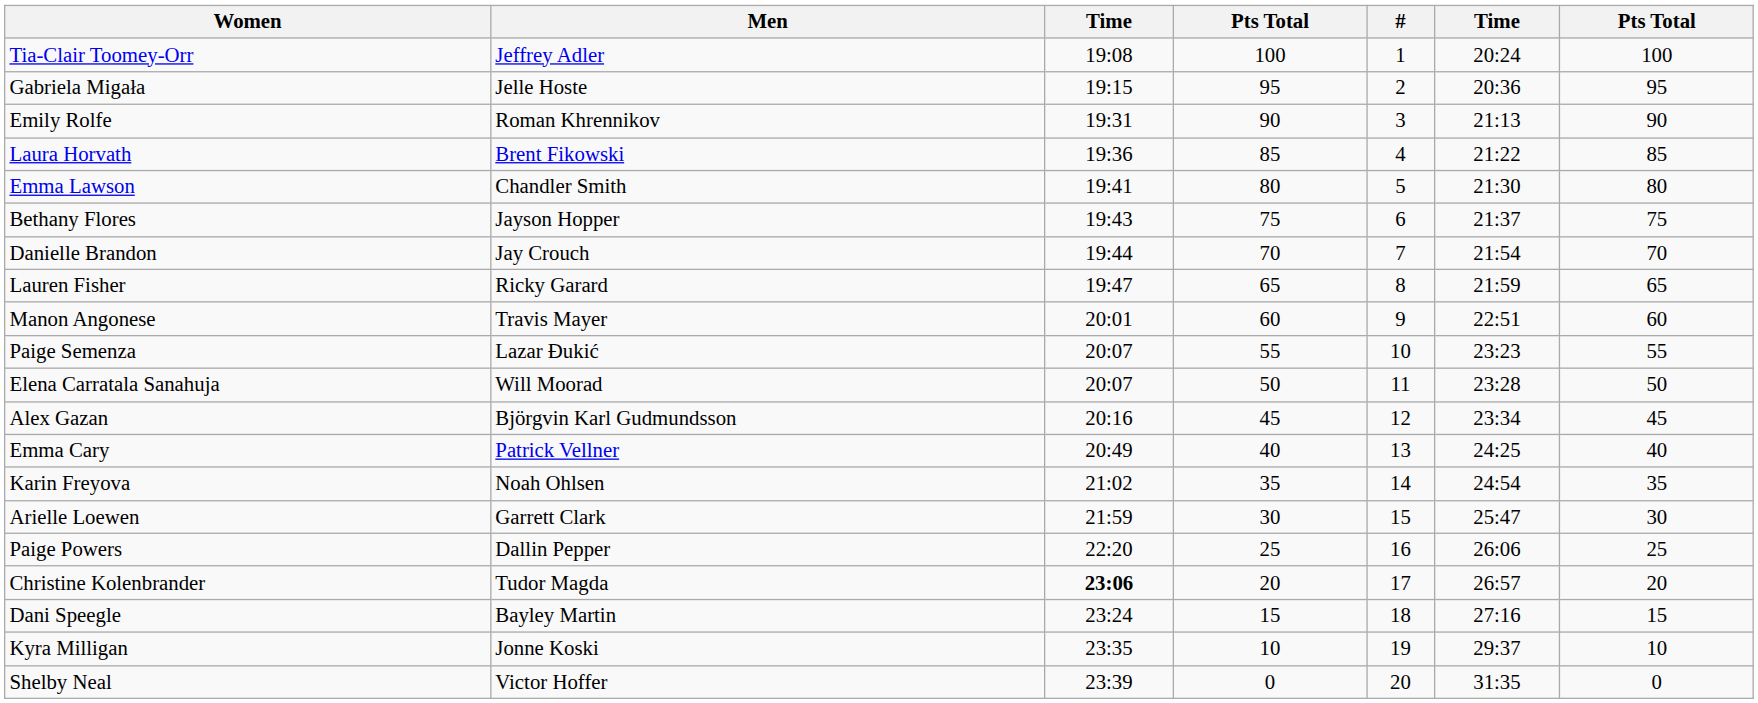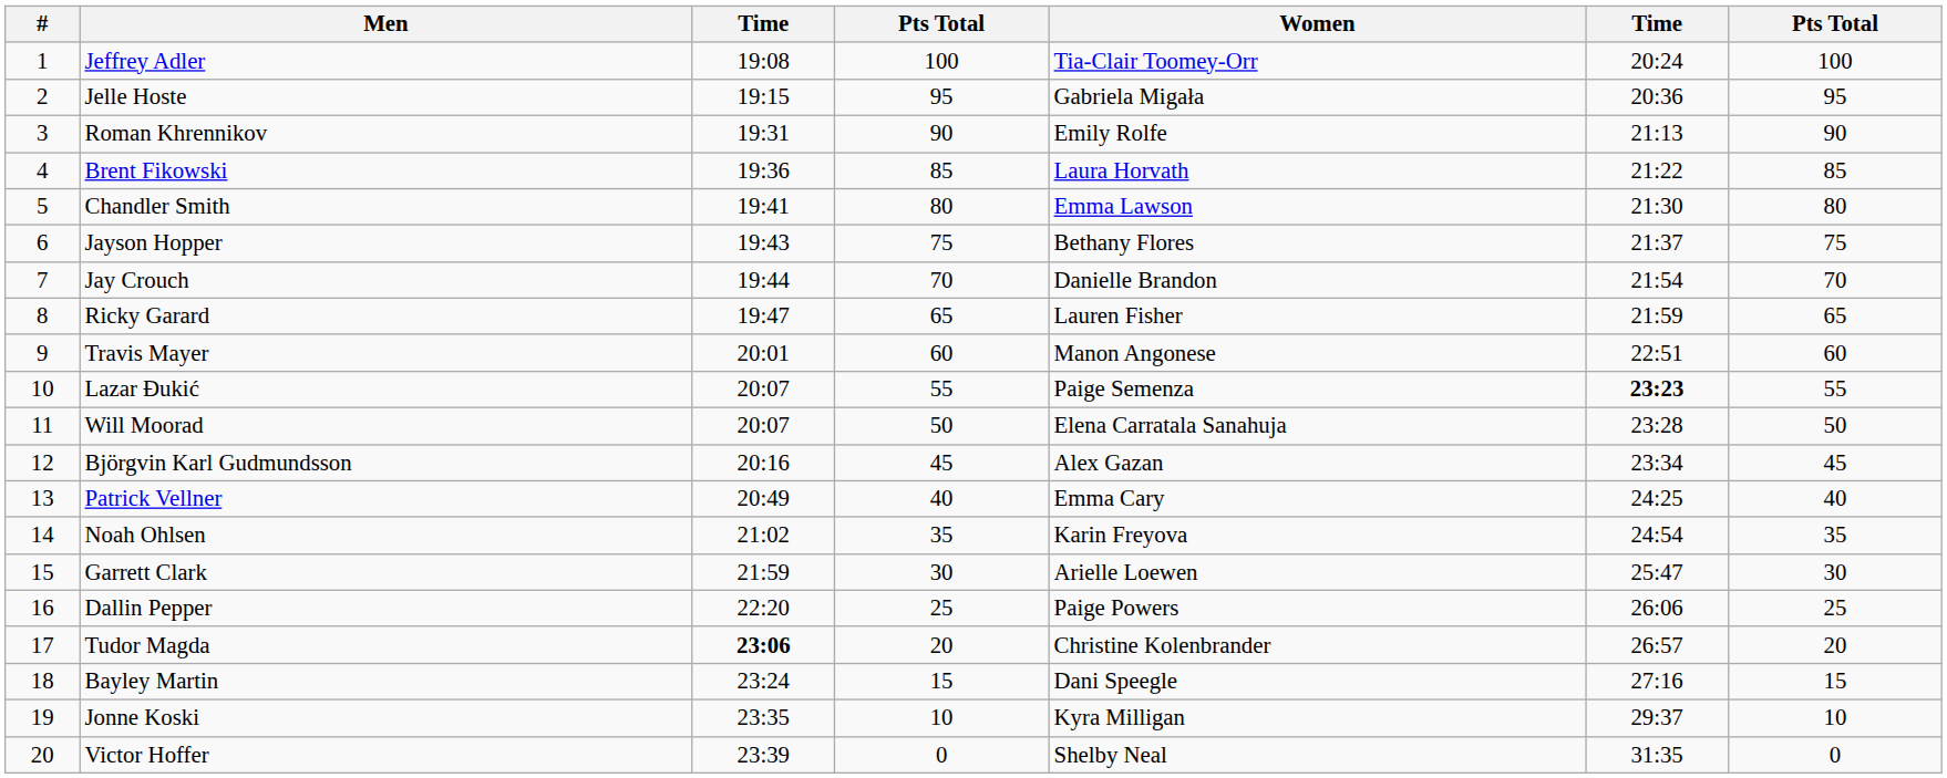 <table class="wikitable sortable" style="display: inline-table;width: 85%; text-align:center">
 <tr>
-<th>Women</th>
+<th>#</th>
 <th>Men</th>
 <th>Time</th>
 <th>Pts Total</th>
-<th>#</th>
+<th>Women</th>
 <th>Time</th>
 <th>Pts Total</th>
 </tr>
 <tr>
-<td align=left> <a href='#'>Tia-Clair Toomey-Orr</a></td>
+<td>1</td>
 <td align=left> <a href='#'>Jeffrey Adler</a></td>
 <td>19:08</td>
 <td>100</td>
-<td>1</td>
+<td align=left> <a href='#'>Tia-Clair Toomey-Orr</a></td>
 <td>20:24</td>
 <td>100</td>
 </tr>
 <tr>
-<td align=left> Gabriela Migała</td>
+<td>2</td>
 <td align=left> Jelle Hoste</td>
 <td>19:15</td>
 <td>95</td>
-<td>2</td>
+<td align=left> Gabriela Migała</td>
 <td>20:36</td>
 <td>95</td>
 </tr>
 <tr>
-<td align=left> Emily Rolfe</td>
+<td>3</td>
 <td align=left> Roman Khrennikov</td>
 <td>19:31</td>
 <td>90</td>
-<td>3</td>
+<td align=left> Emily Rolfe</td>
 <td>21:13</td>
 <td>90</td>
 </tr>
 <tr>
-<td align=left> <a href='#'>Laura Horvath</a></td>
+<td>4</td>
 <td align=left> <a href='#'>Brent Fikowski</a></td>
 <td>19:36</td>
 <td>85</td>
-<td>4</td>
+<td align=left> <a href='#'>Laura Horvath</a></td>
 <td>21:22</td>
 <td>85</td>
 </tr>
 <tr>
-<td align=left> <a href='#'>Emma Lawson</a></td>
+<td>5</td>
 <td align=left> Chandler Smith</td>
 <td>19:41</td>
 <td>80</td>
-<td>5</td>
+<td align=left> <a href='#'>Emma Lawson</a></td>
 <td>21:30</td>
 <td>80</td>
 </tr>
 <tr>
-<td align=left> Bethany Flores</td>
+<td>6</td>
 <td align=left> Jayson Hopper</td>
 <td>19:43</td>
 <td>75</td>
-<td>6</td>
+<td align=left> Bethany Flores</td>
 <td>21:37</td>
 <td>75</td>
 </tr>
 <tr>
-<td align=left> Danielle Brandon</td>
+<td>7</td>
 <td align=left> Jay Crouch</td>
 <td>19:44</td>
 <td>70</td>
-<td>7</td>
+<td align=left> Danielle Brandon</td>
 <td>21:54</td>
 <td>70</td>
 </tr>
 <tr>
-<td align=left> Lauren Fisher</td>
+<td>8</td>
 <td align=left> Ricky Garard</td>
 <td>19:47</td>
 <td>65</td>
-<td>8</td>
+<td align=left> Lauren Fisher</td>
 <td>21:59</td>
 <td>65</td>
 </tr>
 <tr>
-<td align=left> Manon Angonese</td>
+<td>9</td>
 <td align=left> Travis Mayer</td>
 <td>20:01</td>
 <td>60</td>
-<td>9</td>
+<td align=left> Manon Angonese</td>
 <td>22:51</td>
 <td>60</td>
 </tr>
 <tr>
-<td align=left> Paige Semenza</td>
+<td>10</td>
 <td align=left> Lazar Đukić</td>
 <td>20:07</td>
 <td>55</td>
-<td>10</td>
-<td>23:23</td>
+<td align=left> Paige Semenza</td>
+<td><strong>23:23</strong></td>
 <td>55</td>
 </tr>
 <tr>
-<td align=left> Elena Carratala Sanahuja</td>
+<td>11</td>
 <td align=left> Will Moorad</td>
 <td>20:07</td>
 <td>50</td>
-<td>11</td>
+<td align=left> Elena Carratala Sanahuja</td>
 <td>23:28</td>
 <td>50</td>
 </tr>
 <tr>
-<td align=left> Alex Gazan</td>
+<td>12</td>
 <td align=left> Björgvin Karl Gudmundsson</td>
 <td>20:16</td>
 <td>45</td>
-<td>12</td>
+<td align=left> Alex Gazan</td>
 <td>23:34</td>
 <td>45</td>
 </tr>
 <tr>
-<td align=left> Emma Cary</td>
+<td>13</td>
 <td align=left> <a href='#'>Patrick Vellner</a></td>
 <td>20:49</td>
 <td>40</td>
-<td>13</td>
+<td align=left> Emma Cary</td>
 <td>24:25</td>
 <td>40</td>
 </tr>
 <tr>
-<td align=left> Karin Freyova</td>
+<td>14</td>
 <td align=left> Noah Ohlsen</td>
 <td>21:02</td>
 <td>35</td>
-<td>14</td>
+<td align=left> Karin Freyova</td>
 <td>24:54</td>
 <td>35</td>
 </tr>
 <tr>
-<td align=left> Arielle Loewen</td>
+<td>15</td>
 <td align=left> Garrett Clark</td>
 <td>21:59</td>
 <td>30</td>
-<td>15</td>
+<td align=left> Arielle Loewen</td>
 <td>25:47</td>
 <td>30</td>
 </tr>
 <tr>
-<td align=left> Paige Powers</td>
+<td>16</td>
 <td align=left> Dallin Pepper</td>
 <td>22:20</td>
 <td>25</td>
-<td>16</td>
+<td align=left> Paige Powers</td>
 <td>26:06</td>
 <td>25</td>
 </tr>
 <tr>
-<td align=left> Christine Kolenbrander</td>
+<td>17</td>
 <td align=left> Tudor Magda</td>
 <td><strong>23:06</strong></td>
 <td>20</td>
-<td>17</td>
+<td align=left> Christine Kolenbrander</td>
 <td>26:57</td>
 <td>20</td>
 </tr>
 <tr>
-<td align=left> Dani Speegle</td>
+<td>18</td>
 <td align=left> Bayley Martin</td>
 <td>23:24</td>
 <td>15</td>
-<td>18</td>
+<td align=left> Dani Speegle</td>
 <td>27:16</td>
 <td>15</td>
 </tr>
 <tr>
-<td align=left> Kyra Milligan</td>
+<td>19</td>
 <td align=left> Jonne Koski</td>
 <td>23:35</td>
 <td>10</td>
-<td>19</td>
+<td align=left> Kyra Milligan</td>
 <td>29:37</td>
 <td>10</td>
 </tr>
 <tr>
-<td align=left> Shelby Neal</td>
+<td>20</td>
 <td align=left> Victor Hoffer</td>
 <td>23:39</td>
 <td>0</td>
-<td>20</td>
+<td align=left> Shelby Neal</td>
 <td>31:35</td>
 <td>0</td>
 </tr>
 </table>
